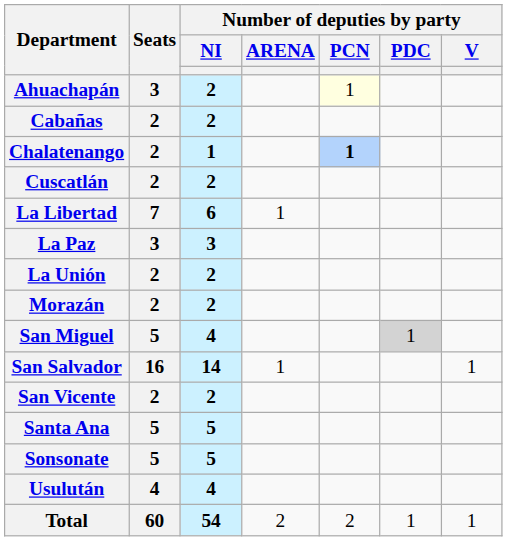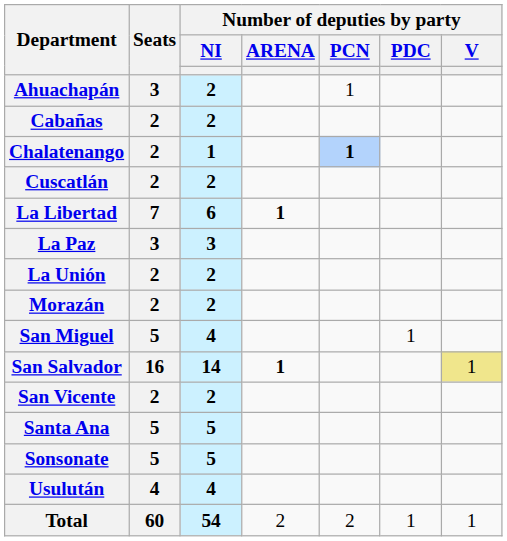 <table class="wikitable" style="text-align:center">
 <tr>
 <th rowspan="3">Department</th>
 <th rowspan="3">Seats</th>
 <th colspan="5">Number of deputies by party</th>
 </tr>
 <tr>
 <th style="width:43px;"><a href='#'>NI</a></th>
 <th style="width:43px;"><a href='#'>ARENA</a></th>
 <th style="width:43px;"><a href='#'>PCN</a></th>
 <th style="width:43px;"><a href='#'>PDC</a></th>
 <th style="width:43px;"><a href='#'>V</a></th>
 </tr>
 <tr>
 <th style="background:"></th>
 <th style="background:"></th>
 <th style="background:"></th>
 <th style="background:"></th>
 <th style="background:"></th>
 </tr>
 <tr>
 <th><a href='#'>Ahuachapán</a></th>
 <th>3</th>
 <td style="background:#CCF1FF;"><strong>2</strong></td>
 <td></td>
-<td style="background: lightyellow;">1</td>
+<td>1</td>
 <td></td>
 <td></td>
 </tr>
 <tr>
 <th><a href='#'>Cabañas</a></th>
 <th>2</th>
 <td style="background:#CCF1FF;"><strong>2</strong></td>
 <td></td>
 <td></td>
 <td></td>
 <td></td>
 </tr>
 <tr>
 <th><a href='#'>Chalatenango</a></th>
 <th>2</th>
 <td style="background:#CCF1FF;"><strong>1</strong></td>
 <td></td>
 <td style="background:#B3D3FC;"><strong>1</strong></td>
 <td></td>
 <td></td>
 </tr>
 <tr>
 <th><a href='#'>Cuscatlán</a></th>
 <th>2</th>
 <td style="background:#CCF1FF;"><strong>2</strong></td>
 <td></td>
 <td></td>
 <td></td>
 <td></td>
 </tr>
 <tr>
 <th><a href='#'>La Libertad</a></th>
 <th>7</th>
 <td style="background:#CCF1FF;"><strong>6</strong></td>
-<td>1</td>
+<td><strong>1</strong></td>
 <td></td>
 <td></td>
 <td></td>
 </tr>
 <tr>
 <th><a href='#'>La Paz</a></th>
 <th>3</th>
 <td style="background:#CCF1FF;"><strong>3</strong></td>
 <td></td>
 <td></td>
 <td></td>
 <td></td>
 </tr>
 <tr>
 <th><a href='#'>La Unión</a></th>
 <th>2</th>
 <td style="background:#CCF1FF;"><strong>2</strong></td>
 <td></td>
 <td></td>
 <td></td>
 <td></td>
 </tr>
 <tr>
 <th><a href='#'>Morazán</a></th>
 <th>2</th>
 <td style="background:#CCF1FF;"><strong>2</strong></td>
 <td></td>
 <td></td>
 <td></td>
 <td></td>
 </tr>
 <tr>
 <th><a href='#'>San Miguel</a></th>
 <th>5</th>
 <td style="background:#CCF1FF;"><strong>4</strong></td>
 <td></td>
 <td></td>
-<td style="background: lightgrey;">1</td>
+<td>1</td>
 <td></td>
 </tr>
 <tr>
 <th><a href='#'>San Salvador</a></th>
 <th>16</th>
 <td style="background:#CCF1FF;"><strong>14</strong></td>
-<td>1</td>
+<td><strong>1</strong></td>
 <td></td>
 <td></td>
-<td>1</td>
+<td style="background: khaki;">1</td>
 </tr>
 <tr>
 <th><a href='#'>San Vicente</a></th>
 <th>2</th>
 <td style="background:#CCF1FF;"><strong>2</strong></td>
 <td></td>
 <td></td>
 <td></td>
 <td></td>
 </tr>
 <tr>
 <th><a href='#'>Santa Ana</a></th>
 <th>5</th>
 <td style="background:#CCF1FF;"><strong>5</strong></td>
 <td></td>
 <td></td>
 <td></td>
 <td></td>
 </tr>
 <tr>
 <th><a href='#'>Sonsonate</a></th>
 <th>5</th>
 <td style="background:#CCF1FF;"><strong>5</strong></td>
 <td></td>
 <td></td>
 <td></td>
 <td></td>
 </tr>
 <tr>
 <th><a href='#'>Usulután</a></th>
 <th>4</th>
 <td style="background:#CCF1FF;"><strong>4</strong></td>
 <td></td>
 <td></td>
 <td></td>
 <td></td>
 </tr>
 <tr>
 <th>Total</th>
 <th>60</th>
 <td style="background:#CCF1FF;"><strong>54</strong></td>
 <td>2</td>
 <td>2</td>
 <td>1</td>
 <td>1</td>
 </tr>
 </table>
